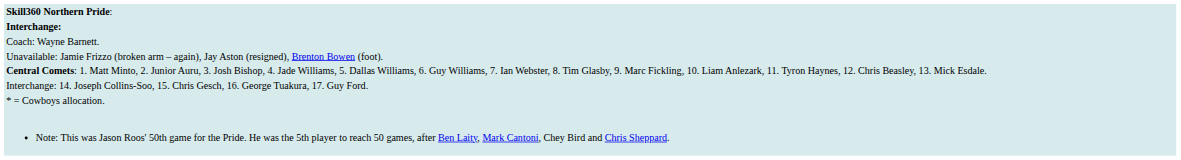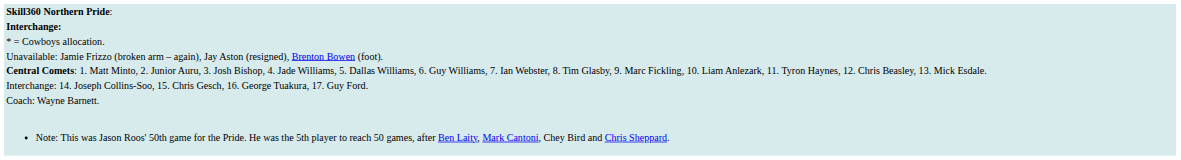 <table style="background:#d7ebed; font-size:85%; width:100%;">
 <tr>
 <td><strong>Skill360 Northern Pride</strong>:             </td>
 </tr>
 <tr>
 <td><strong>Interchange:    </strong></td>
 </tr>
 <tr>
-<td>Coach: Wayne Barnett.</td>
+<td>* = Cowboys allocation.</td>
 </tr>
 <tr>
 <td>Unavailable: Jamie Frizzo (broken arm – again), Jay Aston (resigned), <a href='#'>Brenton Bowen</a> (foot).</td>
 </tr>
 <tr>
 <td><strong>Central Comets</strong>: 1. Matt Minto, 2. Junior Auru, 3. Josh Bishop, 4. Jade Williams, 5. Dallas Williams, 6. Guy Williams, 7. Ian Webster, 8. Tim Glasby, 9. Marc Fickling, 10. Liam Anlezark, 11. Tyron Haynes, 12. Chris Beasley, 13. Mick Esdale.</td>
 </tr>
 <tr>
 <td>Interchange: 14. Joseph Collins-Soo, 15. Chris Gesch, 16. George Tuakura, 17. Guy Ford.</td>
 </tr>
 <tr>
-<td>* = Cowboys allocation.</td>
+<td>Coach: Wayne Barnett.</td>
 </tr>
 <tr>
 <td><br><ul><li>Note: This was Jason Roos' 50th game for the Pride. He was the 5th player to reach 50 games, after <a href='#'>Ben Laity</a>, <a href='#'>Mark Cantoni</a>, Chey Bird and <a href='#'>Chris Sheppard</a>.</li></ul></td>
 </tr>
 </table>
